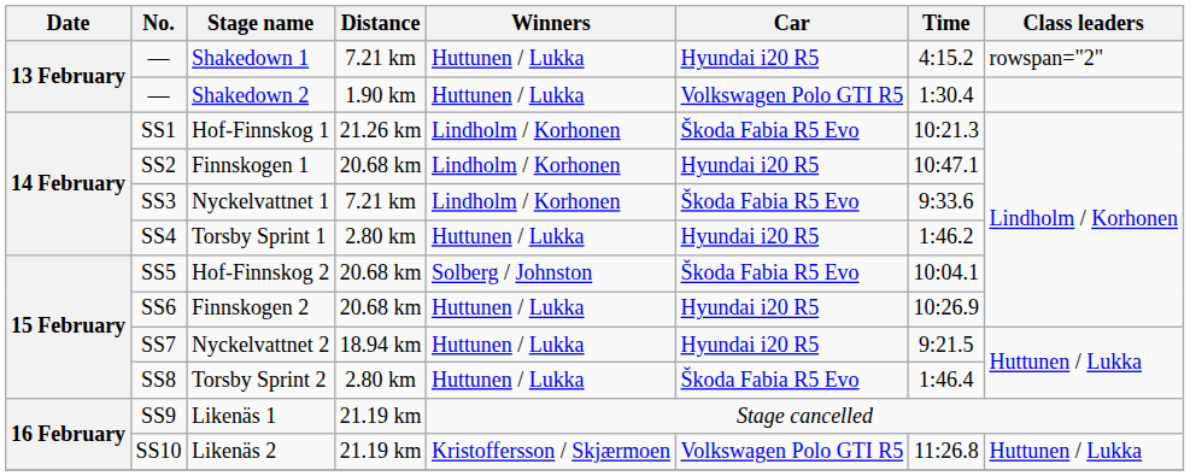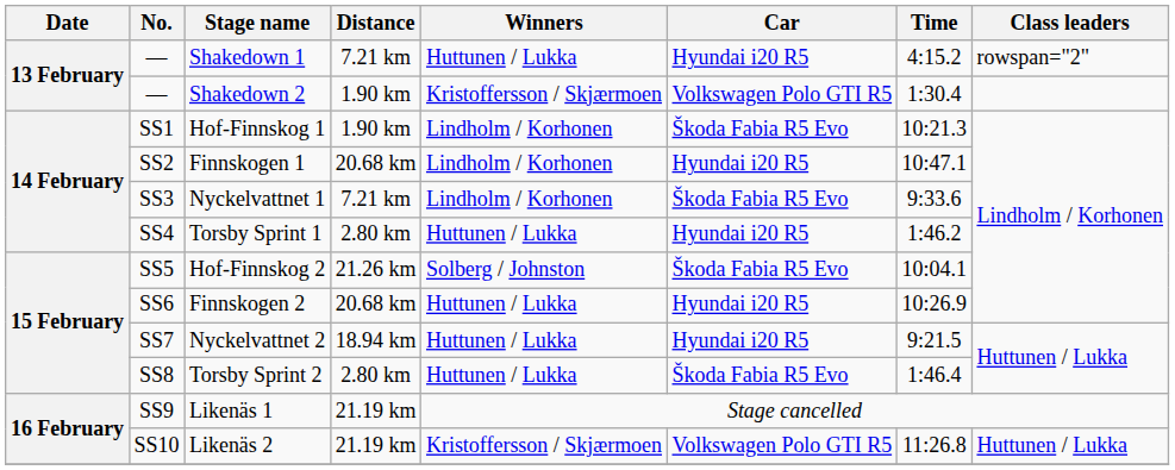 <table class="wikitable" style="font-size: 85%;">
 <tr>
 <th>Date</th>
 <th>No.</th>
 <th>Stage name</th>
 <th>Distance</th>
 <th>Winners</th>
 <th>Car</th>
 <th>Time</th>
 <th nowrap>Class leaders</th>
 </tr>
 <tr>
 <th rowspan="2" nowrap>13 February</th>
 <td align="center">—</td>
 <td><a href='#'>Shakedown 1</a></td>
 <td align="center">7.21 km</td>
 <td><a href='#'>Huttunen</a> / <a href='#'>Lukka</a></td>
 <td><a href='#'>Hyundai i20 R5</a></td>
 <td align="center">4:15.2</td>
 <td>rowspan="2" </td>
 </tr>
 <tr>
 <td align="center">—</td>
 <td nowrap><a href='#'>Shakedown 2</a></td>
 <td align="center">1.90 km</td>
-<td><a href='#'>Huttunen</a> / <a href='#'>Lukka</a></td>
+<td nowrap><a href='#'>Kristoffersson</a> / <a href='#'>Skjærmoen</a></td>
 <td nowrap><a href='#'>Volkswagen Polo GTI R5</a></td>
 <td align="center">1:30.4</td>
 </tr>
 <tr>
 <th rowspan="4" nowrap>14 February</th>
 <td align="center">SS1</td>
 <td>Hof-Finnskog 1</td>
-<td align="center">21.26 km</td>
+<td align="center">1.90 km</td>
 <td><a href='#'>Lindholm</a> / <a href='#'>Korhonen</a></td>
 <td><a href='#'>Škoda Fabia R5 Evo</a></td>
 <td align="center">10:21.3</td>
 <td rowspan="6" nowrap><a href='#'>Lindholm</a> / <a href='#'>Korhonen</a></td>
 </tr>
 <tr>
 <td align="center">SS2</td>
 <td>Finnskogen 1</td>
 <td align="center">20.68 km</td>
 <td><a href='#'>Lindholm</a> / <a href='#'>Korhonen</a></td>
 <td><a href='#'>Hyundai i20 R5</a></td>
 <td align="center">10:47.1</td>
 </tr>
 <tr>
 <td align="center">SS3</td>
 <td>Nyckelvattnet 1</td>
 <td align="center">7.21 km</td>
 <td><a href='#'>Lindholm</a> / <a href='#'>Korhonen</a></td>
 <td><a href='#'>Škoda Fabia R5 Evo</a></td>
 <td align="center">9:33.6</td>
 </tr>
 <tr>
 <td align="center">SS4</td>
 <td>Torsby Sprint 1</td>
 <td align="center">2.80 km</td>
 <td><a href='#'>Huttunen</a> / <a href='#'>Lukka</a></td>
 <td><a href='#'>Hyundai i20 R5</a></td>
 <td align="center">1:46.2</td>
 </tr>
 <tr>
 <th rowspan="4">15 February</th>
 <td align="center">SS5</td>
 <td>Hof-Finnskog 2</td>
-<td align="center">20.68 km</td>
+<td align="center">21.26 km</td>
 <td><a href='#'>Solberg</a> / <a href='#'>Johnston</a></td>
 <td><a href='#'>Škoda Fabia R5 Evo</a></td>
 <td align="center">10:04.1</td>
 </tr>
 <tr>
 <td align="center">SS6</td>
 <td>Finnskogen 2</td>
 <td align="center">20.68 km</td>
 <td><a href='#'>Huttunen</a> / <a href='#'>Lukka</a></td>
 <td><a href='#'>Hyundai i20 R5</a></td>
 <td align="center">10:26.9</td>
 </tr>
 <tr>
 <td align="center">SS7</td>
 <td>Nyckelvattnet 2</td>
 <td align="center">18.94 km</td>
 <td><a href='#'>Huttunen</a> / <a href='#'>Lukka</a></td>
 <td><a href='#'>Hyundai i20 R5</a></td>
 <td align="center">9:21.5</td>
 <td rowspan="2"><a href='#'>Huttunen</a> / <a href='#'>Lukka</a></td>
 </tr>
 <tr>
 <td align="center">SS8</td>
 <td>Torsby Sprint 2</td>
 <td align="center">2.80 km</td>
 <td><a href='#'>Huttunen</a> / <a href='#'>Lukka</a></td>
 <td><a href='#'>Škoda Fabia R5 Evo</a></td>
 <td align="center">1:46.4</td>
 </tr>
 <tr>
 <th rowspan="2">16 February</th>
 <td align="center">SS9</td>
 <td>Likenäs 1</td>
 <td align="center">21.19 km</td>
 <td colspan="4" align="center"><em>Stage cancelled</em></td>
 </tr>
 <tr>
 <td align="center">SS10</td>
 <td nowrap>Likenäs 2</td>
 <td align="center">21.19 km</td>
 <td><a href='#'>Kristoffersson</a> / <a href='#'>Skjærmoen</a></td>
 <td><a href='#'>Volkswagen Polo GTI R5</a></td>
 <td align="center">11:26.8</td>
 <td><a href='#'>Huttunen</a> / <a href='#'>Lukka</a></td>
 </tr>
 <tr>
 </tr>
 </table>
